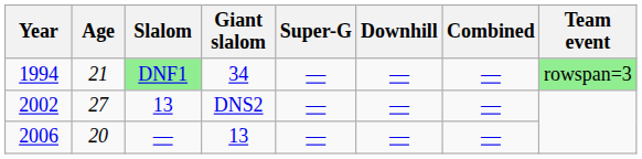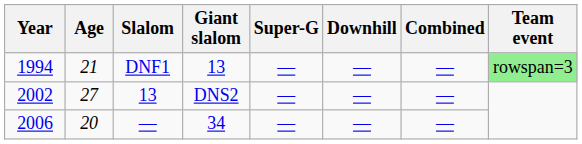 <table class=wikitable style="text-align:center">
 <tr>
 <th>  Year  </th>
 <th> Age </th>
 <th> Slalom </th>
 <th> Giant <br> slalom </th>
 <th>Super-G</th>
 <th>Downhill</th>
 <th>Combined</th>
 <th>Team<br>event</th>
 </tr>
 <tr>
 <td><a href='#'>1994</a></td>
 <td><em>21</em></td>
-<td style="background: lightgreen;"><a href='#'>DNF1</a></td>
-<td><a href='#'>34</a></td>
+<td><a href='#'>DNF1</a></td>
+<td><a href='#'>13</a></td>
 <td><a href='#'>—</a></td>
 <td><a href='#'>—</a></td>
 <td><a href='#'>—</a></td>
 <td style="background: lightgreen;">rowspan=3 </td>
 </tr>
 <tr>
 <td><a href='#'>2002</a></td>
 <td><em>27</em></td>
 <td><a href='#'>13</a></td>
 <td><a href='#'>DNS2</a></td>
 <td><a href='#'>—</a></td>
 <td><a href='#'>—</a></td>
 <td><a href='#'>—</a></td>
 </tr>
 <tr>
 <td><a href='#'>2006</a></td>
 <td><em>20</em></td>
 <td><a href='#'>—</a></td>
-<td><a href='#'>13</a></td>
+<td><a href='#'>34</a></td>
 <td><a href='#'>—</a></td>
 <td><a href='#'>—</a></td>
 <td><a href='#'>—</a></td>
 </tr>
 </table>
